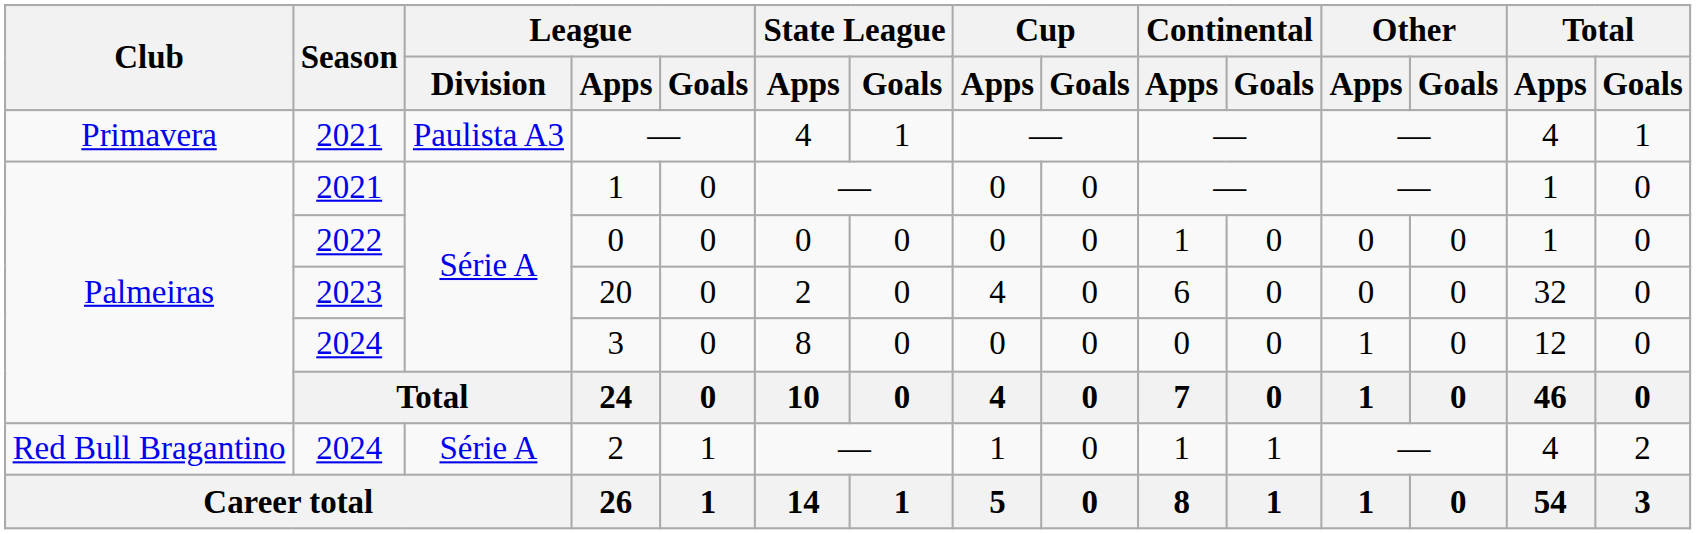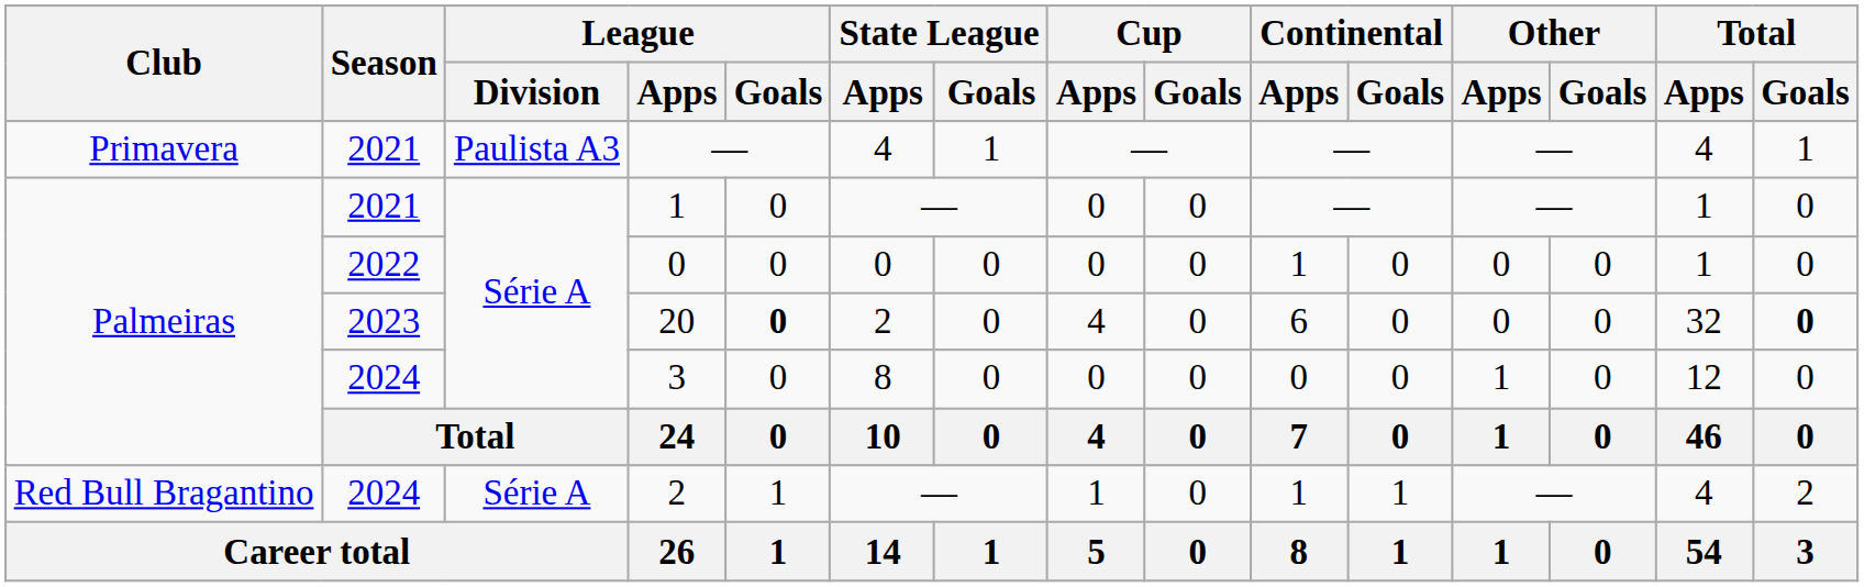 <table class="wikitable" style="text-align: center">
 <tr>
 <th rowspan="2">Club</th>
 <th rowspan="2">Season</th>
 <th colspan="3">League</th>
 <th colspan="2">State League</th>
 <th colspan="2">Cup</th>
 <th colspan="2">Continental</th>
 <th colspan="2">Other</th>
 <th colspan="2">Total</th>
 </tr>
 <tr>
 <th>Division</th>
 <th>Apps</th>
 <th>Goals</th>
 <th>Apps</th>
 <th>Goals</th>
 <th>Apps</th>
 <th>Goals</th>
 <th>Apps</th>
 <th>Goals</th>
 <th>Apps</th>
 <th>Goals</th>
 <th>Apps</th>
 <th>Goals</th>
 </tr>
 <tr>
 <td><a href='#'>Primavera</a></td>
 <td><a href='#'>2021</a></td>
 <td><a href='#'>Paulista A3</a></td>
 <td colspan="2">—</td>
 <td>4</td>
 <td>1</td>
 <td colspan="2">—</td>
 <td colspan="2">—</td>
 <td colspan="2">—</td>
 <td>4</td>
 <td>1</td>
 </tr>
 <tr>
 <td rowspan="5"><a href='#'>Palmeiras</a></td>
 <td><a href='#'>2021</a></td>
 <td rowspan="4"><a href='#'>Série A</a></td>
 <td>1</td>
 <td>0</td>
 <td colspan="2">—</td>
 <td>0</td>
 <td>0</td>
 <td colspan="2">—</td>
 <td colspan="2">—</td>
 <td>1</td>
 <td>0</td>
 </tr>
 <tr>
 <td><a href='#'>2022</a></td>
 <td>0</td>
 <td>0</td>
 <td>0</td>
 <td>0</td>
 <td>0</td>
 <td>0</td>
 <td>1</td>
 <td>0</td>
 <td>0</td>
 <td>0</td>
 <td>1</td>
 <td>0</td>
 </tr>
 <tr>
 <td><a href='#'>2023</a></td>
 <td>20</td>
-<td>0</td>
+<td><strong>0</strong></td>
 <td>2</td>
 <td>0</td>
 <td>4</td>
 <td>0</td>
 <td>6</td>
 <td>0</td>
 <td>0</td>
 <td>0</td>
 <td>32</td>
-<td>0</td>
+<td><strong>0</strong></td>
 </tr>
 <tr>
 <td><a href='#'>2024</a></td>
 <td>3</td>
 <td>0</td>
 <td>8</td>
 <td>0</td>
 <td>0</td>
 <td>0</td>
 <td>0</td>
 <td>0</td>
 <td>1</td>
 <td>0</td>
 <td>12</td>
 <td>0</td>
 </tr>
 <tr>
 <th colspan="2">Total</th>
 <th>24</th>
 <th>0</th>
 <th>10</th>
 <th>0</th>
 <th>4</th>
 <th>0</th>
 <th>7</th>
 <th>0</th>
 <th>1</th>
 <th>0</th>
 <th>46</th>
 <th>0</th>
 </tr>
 <tr>
 <td><a href='#'>Red Bull Bragantino</a></td>
 <td><a href='#'>2024</a></td>
 <td><a href='#'>Série A</a></td>
 <td>2</td>
 <td>1</td>
 <td colspan="2">—</td>
 <td>1</td>
 <td>0</td>
 <td>1</td>
 <td>1</td>
 <td colspan="2">—</td>
 <td>4</td>
 <td>2</td>
 </tr>
 <tr>
 <th colspan="3"><strong>Career total</strong></th>
 <th>26</th>
 <th>1</th>
 <th>14</th>
 <th>1</th>
 <th>5</th>
 <th>0</th>
 <th>8</th>
 <th>1</th>
 <th>1</th>
 <th>0</th>
 <th>54</th>
 <th>3</th>
 </tr>
 </table>
